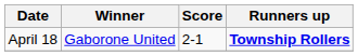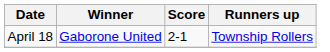 <table class="wikitable sortable plainrowheaders">
 <tr>
 <th scope="col">Date</th>
 <th scope="col">Winner</th>
 <th scope="col">Score</th>
 <th scope="col">Runners up</th>
 </tr>
 <tr>
 <td>April 18</td>
 <td><a href='#'>Gaborone United </a></td>
 <td>2-1</td>
-<td><strong><a href='#'>Township Rollers</a></strong></td>
+<td><a href='#'>Township Rollers</a></td>
 </tr>
 <tr>
 </tr>
 </table>
